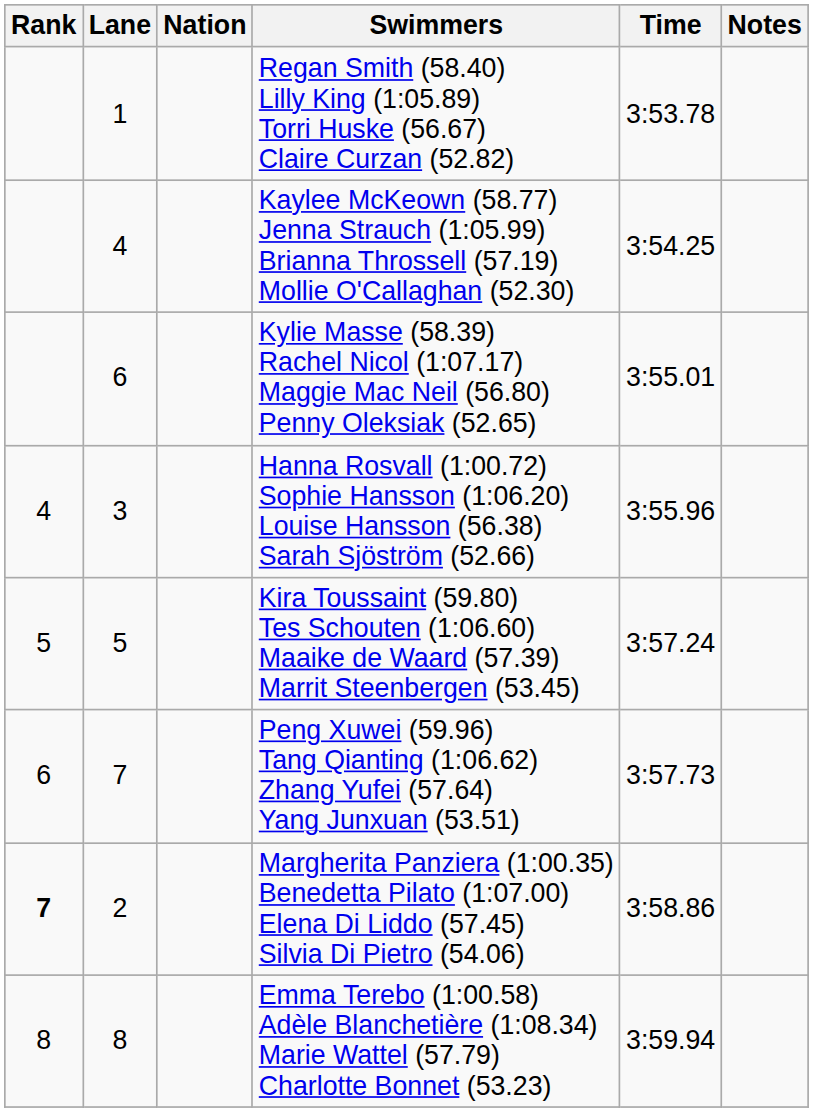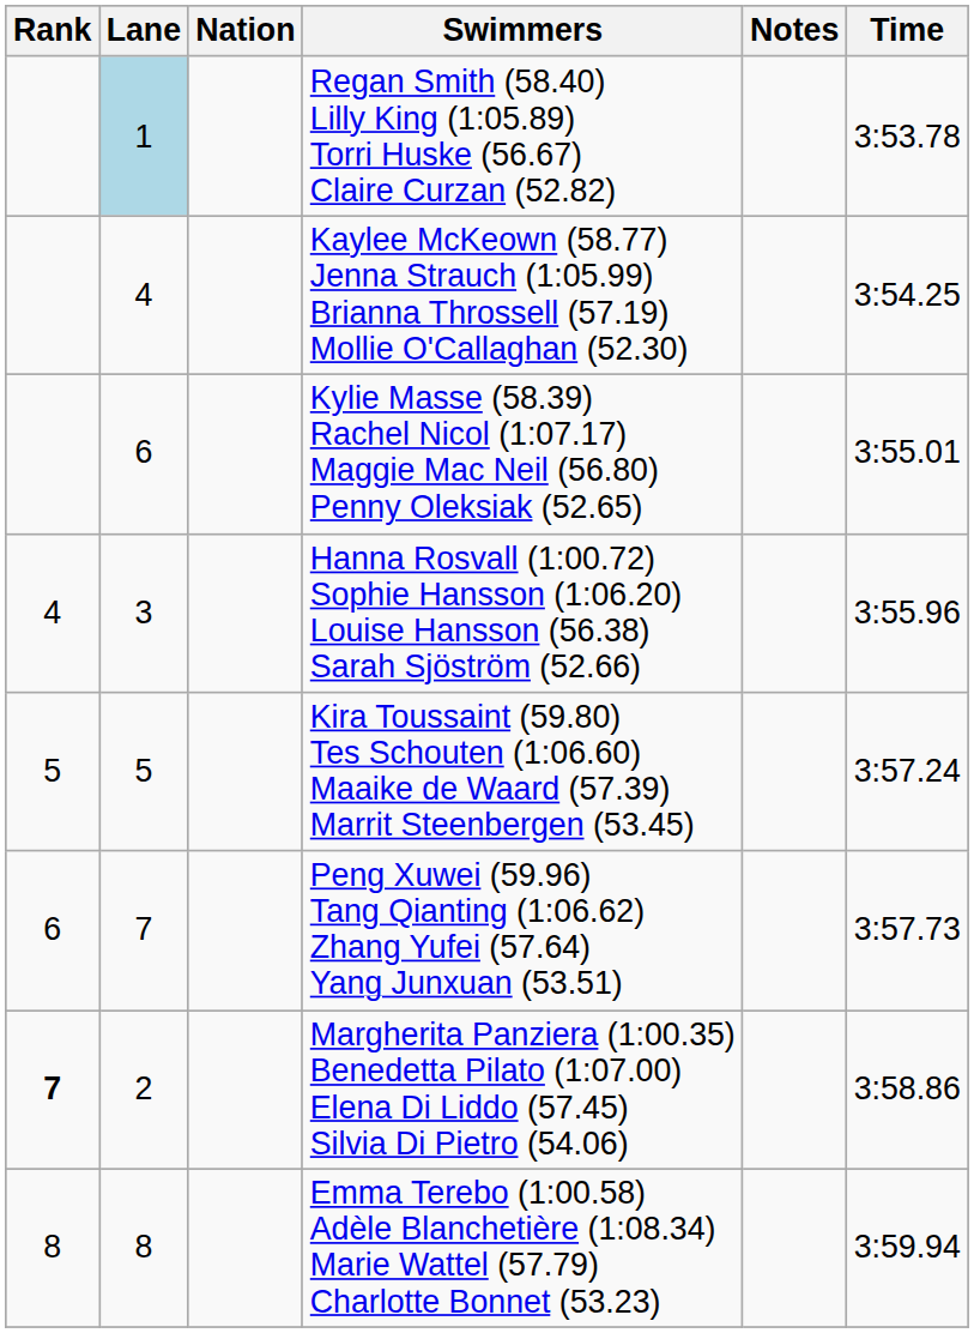 <table class="wikitable sortable" style="text-align:center">
 <tr>
 <th>Rank</th>
 <th>Lane</th>
 <th>Nation</th>
 <th>Swimmers</th>
+<th>Notes</th>
 <th>Time</th>
-<th>Notes</th>
 </tr>
 <tr>
 <td></td>
-<td>1</td>
+<td style="background: lightblue;">1</td>
 <td align=left></td>
 <td align=left><a href='#'>Regan Smith</a> (58.40)<br><a href='#'>Lilly King</a> (1:05.89)<br><a href='#'>Torri Huske</a> (56.67)<br><a href='#'>Claire Curzan</a> (52.82)</td>
+<td></td>
 <td>3:53.78</td>
-<td></td>
 </tr>
 <tr>
 <td></td>
 <td>4</td>
 <td align=left></td>
 <td align=left><a href='#'>Kaylee McKeown</a> (58.77)<br><a href='#'>Jenna Strauch</a> (1:05.99)<br><a href='#'>Brianna Throssell</a> (57.19)<br><a href='#'>Mollie O'Callaghan</a> (52.30)</td>
+<td></td>
 <td>3:54.25</td>
-<td></td>
 </tr>
 <tr>
 <td></td>
 <td>6</td>
 <td align=left></td>
 <td align=left><a href='#'>Kylie Masse</a> (58.39)<br><a href='#'>Rachel Nicol</a> (1:07.17)<br><a href='#'>Maggie Mac Neil</a> (56.80)<br><a href='#'>Penny Oleksiak</a> (52.65)</td>
+<td></td>
 <td>3:55.01</td>
-<td></td>
 </tr>
 <tr>
 <td>4</td>
 <td>3</td>
 <td align=left></td>
 <td align=left><a href='#'>Hanna Rosvall</a> (1:00.72)<br><a href='#'>Sophie Hansson</a> (1:06.20)<br><a href='#'>Louise Hansson</a> (56.38)<br><a href='#'>Sarah Sjöström</a> (52.66)</td>
+<td></td>
 <td>3:55.96</td>
-<td></td>
 </tr>
 <tr>
 <td>5</td>
 <td>5</td>
 <td align=left></td>
 <td align=left><a href='#'>Kira Toussaint</a> (59.80)<br><a href='#'>Tes Schouten</a> (1:06.60)<br><a href='#'>Maaike de Waard</a> (57.39)<br><a href='#'>Marrit Steenbergen</a> (53.45)</td>
+<td></td>
 <td>3:57.24</td>
-<td></td>
 </tr>
 <tr>
 <td>6</td>
 <td>7</td>
 <td align=left></td>
 <td align=left><a href='#'>Peng Xuwei</a> (59.96)<br><a href='#'>Tang Qianting</a> (1:06.62)<br><a href='#'>Zhang Yufei</a> (57.64)<br><a href='#'>Yang Junxuan</a> (53.51)</td>
+<td></td>
 <td>3:57.73</td>
-<td></td>
 </tr>
 <tr>
 <td><strong>7</strong></td>
 <td>2</td>
 <td align=left></td>
 <td align=left><a href='#'>Margherita Panziera</a> (1:00.35)<br><a href='#'>Benedetta Pilato</a> (1:07.00)<br><a href='#'>Elena Di Liddo</a> (57.45)<br><a href='#'>Silvia Di Pietro</a> (54.06)</td>
+<td></td>
 <td>3:58.86</td>
-<td></td>
 </tr>
 <tr>
 <td>8</td>
 <td>8</td>
 <td align=left></td>
 <td align=left><a href='#'>Emma Terebo</a> (1:00.58)<br><a href='#'>Adèle Blanchetière</a> (1:08.34)<br><a href='#'>Marie Wattel</a> (57.79)<br><a href='#'>Charlotte Bonnet</a> (53.23)</td>
+<td></td>
 <td>3:59.94</td>
-<td></td>
 </tr>
 </table>
